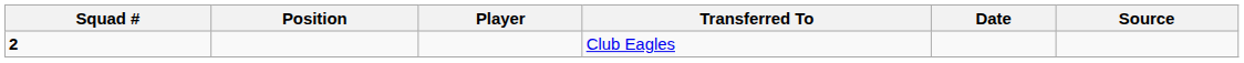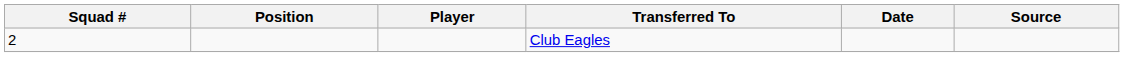 <table class="wikitable sortable" style="width:90%; text-align:center; font-size:95%; text-align:left;">
 <tr>
 <th><strong>Squad #</strong></th>
 <th><strong>Position</strong></th>
 <th><strong>Player</strong></th>
 <th><strong>Transferred To</strong></th>
 <th><strong>Date</strong></th>
 <th><strong>Source</strong></th>
 </tr>
 <tr>
-<td><strong>2</strong></td>
+<td>2</td>
 <td></td>
 <td></td>
 <td> <a href='#'>Club Eagles</a></td>
 <td></td>
 <td></td>
 </tr>
 <tr>
 </tr>
 </table>
